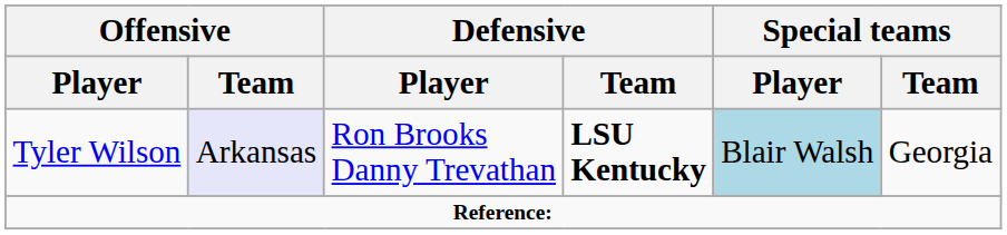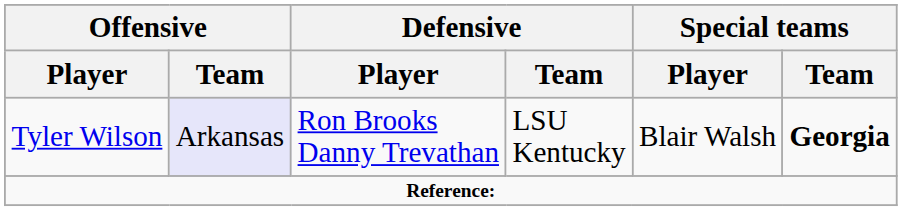 <table class="wikitable" border="1">
 <tr>
 <th colspan="2">Offensive</th>
 <th colspan="2">Defensive</th>
 <th colspan="2">Special teams</th>
 </tr>
 <tr>
 <th>Player</th>
 <th>Team</th>
 <th>Player</th>
 <th>Team</th>
 <th>Player</th>
 <th>Team</th>
 </tr>
 <tr>
 <td><a href='#'>Tyler Wilson</a></td>
 <td style="background: lavender;">Arkansas</td>
 <td><a href='#'>Ron Brooks</a> <br> <a href='#'>Danny Trevathan</a></td>
-<td><strong>LSU <br> Kentucky</strong></td>
-<td style="background: lightblue;">Blair Walsh</td>
-<td>Georgia</td>
+<td>LSU <br> Kentucky</td>
+<td>Blair Walsh</td>
+<td><strong>Georgia</strong></td>
 </tr>
 <tr>
 <td colspan="6" style="font-size: 8pt" align="center"><strong>Reference:</strong></td>
 </tr>
 </table>
